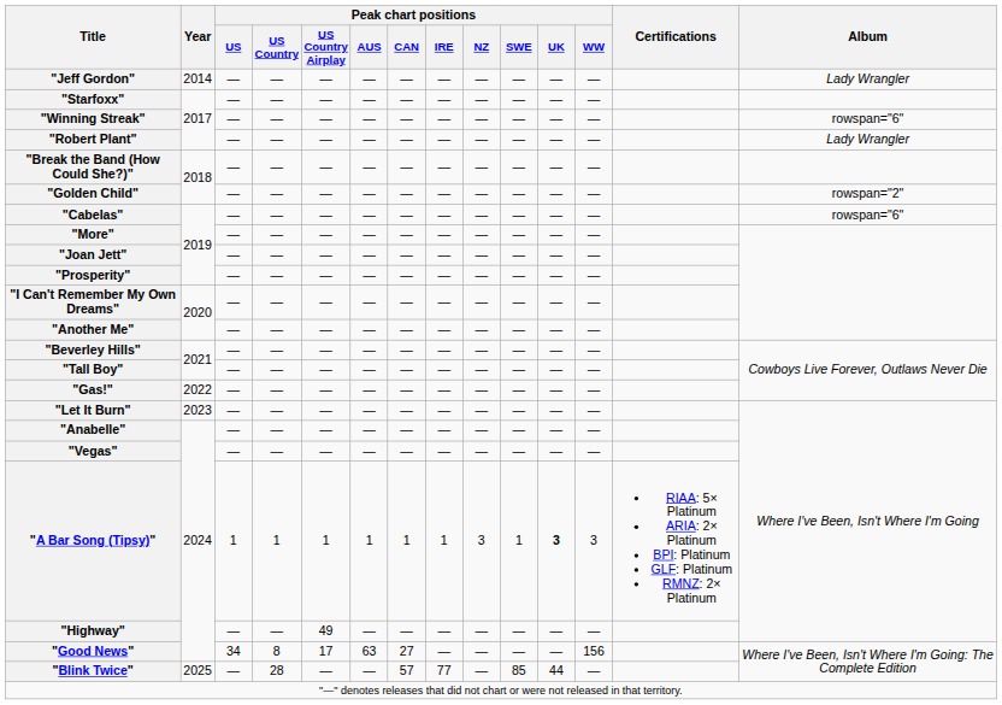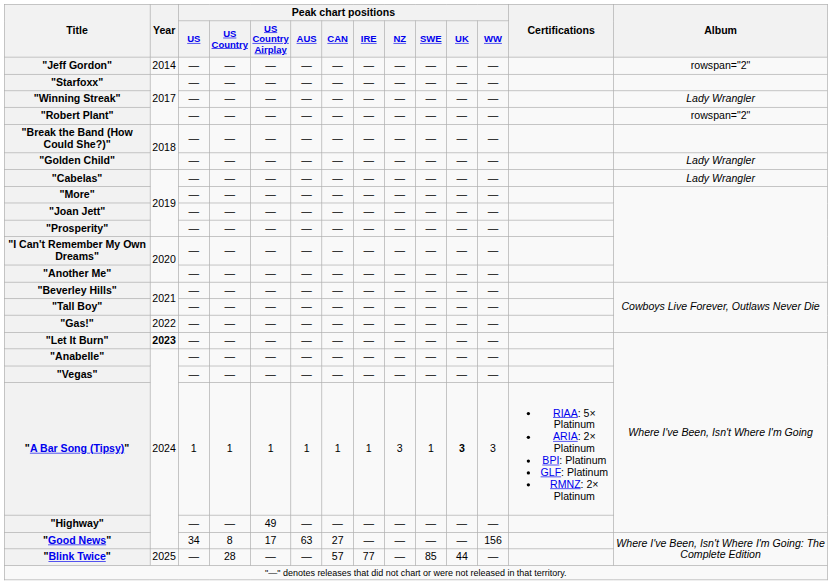 <table class="wikitable plainrowheaders" style="text-align:center;">
 <tr>
 <th scope="col" rowspan="2">Title</th>
 <th scope="col" rowspan="2">Year</th>
 <th scope="col" colspan="10">Peak chart positions</th>
 <th scope="col" rowspan="2">Certifications</th>
 <th scope="col" rowspan="2">Album</th>
 </tr>
 <tr>
 <th scope="col" style="width:2.8em;font-size:90%;"><a href='#'>US</a><br></th>
 <th scope="col" style="width:2.8em;font-size:90%;"><a href='#'>US Country</a><br></th>
 <th scope="col" style="width:2.8em;font-size:90%;"><a href='#'>US Country Airplay</a><br></th>
 <th scope="col" style="width:2.8em;font-size:90%;"><a href='#'>AUS</a><br></th>
 <th scope="col" style="width:2.8em;font-size:90%;"><a href='#'>CAN</a><br></th>
 <th scope="col" style="width:2.8em;font-size:90%;"><a href='#'>IRE</a><br></th>
 <th scope="col" style="width:2.8em;font-size:90%;"><a href='#'>NZ</a><br></th>
 <th scope="col" style="width:2.8em;font-size:90%;"><a href='#'>SWE</a><br></th>
 <th scope="col" style="width:2.8em;font-size:90%;"><a href='#'>UK</a><br></th>
 <th scope="col" style="width:2.8em;font-size:90%;"><a href='#'>WW</a><br></th>
 </tr>
 <tr>
 <th scope="row">"Jeff Gordon"</th>
 <td>2014</td>
 <td>—</td>
 <td>—</td>
 <td>—</td>
 <td>—</td>
 <td>—</td>
 <td>—</td>
 <td>—</td>
 <td>—</td>
 <td>—</td>
 <td>—</td>
 <td></td>
-<td><em>Lady Wrangler</em></td>
+<td>rowspan="2" </td>
 </tr>
 <tr>
 <th scope="row">"Starfoxx"</th>
 <td rowspan="3">2017</td>
 <td>—</td>
 <td>—</td>
 <td>—</td>
 <td>—</td>
 <td>—</td>
 <td>—</td>
 <td>—</td>
 <td>—</td>
 <td>—</td>
 <td>—</td>
 <td></td>
 </tr>
 <tr>
 <th scope="row">"Winning Streak"</th>
 <td>—</td>
 <td>—</td>
 <td>—</td>
 <td>—</td>
 <td>—</td>
 <td>—</td>
 <td>—</td>
 <td>—</td>
 <td>—</td>
 <td>—</td>
 <td></td>
-<td>rowspan="6" </td>
+<td><em>Lady Wrangler</em></td>
 </tr>
 <tr>
 <th scope="row">"Robert Plant"</th>
 <td>—</td>
 <td>—</td>
 <td>—</td>
 <td>—</td>
 <td>—</td>
 <td>—</td>
 <td>—</td>
 <td>—</td>
 <td>—</td>
 <td>—</td>
 <td></td>
-<td><em>Lady Wrangler</em></td>
+<td>rowspan="2" </td>
 </tr>
 <tr>
 <th scope="row">"Break the Band (How Could She?)"</th>
 <td rowspan="2">2018</td>
 <td>—</td>
 <td>—</td>
 <td>—</td>
 <td>—</td>
 <td>—</td>
 <td>—</td>
 <td>—</td>
 <td>—</td>
 <td>—</td>
 <td>—</td>
 <td></td>
 </tr>
 <tr>
 <th scope="row">"Golden Child"</th>
 <td>—</td>
 <td>—</td>
 <td>—</td>
 <td>—</td>
 <td>—</td>
 <td>—</td>
 <td>—</td>
 <td>—</td>
 <td>—</td>
 <td>—</td>
 <td></td>
-<td>rowspan="2" </td>
+<td><em>Lady Wrangler</em></td>
 </tr>
 <tr>
 <th scope="row">"Cabelas"</th>
 <td rowspan="4">2019</td>
 <td>—</td>
 <td>—</td>
 <td>—</td>
 <td>—</td>
 <td>—</td>
 <td>—</td>
 <td>—</td>
 <td>—</td>
 <td>—</td>
 <td>—</td>
 <td></td>
-<td>rowspan="6" </td>
+<td><em>Lady Wrangler</em></td>
 </tr>
 <tr>
 <th scope="row">"More"</th>
 <td>—</td>
 <td>—</td>
 <td>—</td>
 <td>—</td>
 <td>—</td>
 <td>—</td>
 <td>—</td>
 <td>—</td>
 <td>—</td>
 <td>—</td>
 <td></td>
 </tr>
 <tr>
 <th scope="row">"Joan Jett"</th>
 <td>—</td>
 <td>—</td>
 <td>—</td>
 <td>—</td>
 <td>—</td>
 <td>—</td>
 <td>—</td>
 <td>—</td>
 <td>—</td>
 <td>—</td>
 <td></td>
 </tr>
 <tr>
 <th scope="row">"Prosperity"</th>
 <td>—</td>
 <td>—</td>
 <td>—</td>
 <td>—</td>
 <td>—</td>
 <td>—</td>
 <td>—</td>
 <td>—</td>
 <td>—</td>
 <td>—</td>
 <td></td>
 </tr>
 <tr>
 <th scope="row">"I Can't Remember My Own Dreams"</th>
 <td rowspan="2">2020</td>
 <td>—</td>
 <td>—</td>
 <td>—</td>
 <td>—</td>
 <td>—</td>
 <td>—</td>
 <td>—</td>
 <td>—</td>
 <td>—</td>
 <td>—</td>
 <td></td>
 </tr>
 <tr>
 <th scope="row">"Another Me"</th>
 <td>—</td>
 <td>—</td>
 <td>—</td>
 <td>—</td>
 <td>—</td>
 <td>—</td>
 <td>—</td>
 <td>—</td>
 <td>—</td>
 <td>—</td>
 <td></td>
 </tr>
 <tr>
 <th scope="row">"Beverley Hills"</th>
 <td rowspan="2">2021</td>
 <td>—</td>
 <td>—</td>
 <td>—</td>
 <td>—</td>
 <td>—</td>
 <td>—</td>
 <td>—</td>
 <td>—</td>
 <td>—</td>
 <td>—</td>
 <td></td>
 <td rowspan="3"><em>Cowboys Live Forever, Outlaws Never Die</em></td>
 </tr>
 <tr>
 <th scope="row">"Tall Boy"</th>
 <td>—</td>
 <td>—</td>
 <td>—</td>
 <td>—</td>
 <td>—</td>
 <td>—</td>
 <td>—</td>
 <td>—</td>
 <td>—</td>
 <td>—</td>
 <td></td>
 </tr>
 <tr>
 <th scope="row">"Gas!"</th>
 <td>2022</td>
 <td>—</td>
 <td>—</td>
 <td>—</td>
 <td>—</td>
 <td>—</td>
 <td>—</td>
 <td>—</td>
 <td>—</td>
 <td>—</td>
 <td>—</td>
 <td></td>
 </tr>
 <tr>
 <th scope="row">"Let It Burn"</th>
-<td>2023</td>
+<td><strong>2023</strong></td>
 <td>—</td>
 <td>—</td>
 <td>—</td>
 <td>—</td>
 <td>—</td>
 <td>—</td>
 <td>—</td>
 <td>—</td>
 <td>—</td>
 <td>—</td>
 <td></td>
 <td rowspan="5"><em>Where I've Been, Isn't Where I'm Going</em></td>
 </tr>
 <tr>
 <th scope="row">"Anabelle"</th>
 <td rowspan="5">2024</td>
 <td>—</td>
 <td>—</td>
 <td>—</td>
 <td>—</td>
 <td>—</td>
 <td>—</td>
 <td>—</td>
 <td>—</td>
 <td>—</td>
 <td>—</td>
 <td></td>
 </tr>
 <tr>
 <th scope="row">"Vegas"</th>
 <td>—</td>
 <td>—</td>
 <td>—</td>
 <td>—</td>
 <td>—</td>
 <td>—</td>
 <td>—</td>
 <td>—</td>
 <td>—</td>
 <td>—</td>
 <td></td>
 </tr>
 <tr>
 <th scope="row">"<a href='#'>A Bar Song (Tipsy)</a>"</th>
 <td>1</td>
 <td>1</td>
 <td>1</td>
 <td>1</td>
 <td>1</td>
 <td>1</td>
 <td>3</td>
 <td>1</td>
 <td><strong>3</strong></td>
 <td>3</td>
 <td><br><ul><li><a href='#'>RIAA</a>: 5× Platinum</li><li><a href='#'>ARIA</a>: 2× Platinum</li><li><a href='#'>BPI</a>: Platinum</li><li><a href='#'>GLF</a>: Platinum</li><li><a href='#'>RMNZ</a>: 2× Platinum</li></ul></td>
 </tr>
 <tr>
 <th scope="row">"Highway"</th>
 <td>—</td>
 <td>—</td>
 <td>49</td>
 <td>—</td>
 <td>—</td>
 <td>—</td>
 <td>—</td>
 <td>—</td>
 <td>—</td>
 <td>—</td>
 <td></td>
 </tr>
 <tr>
 <th scope="row">"<a href='#'>Good News</a>"</th>
 <td>34</td>
 <td>8</td>
 <td>17</td>
 <td>63</td>
 <td>27</td>
 <td>—</td>
 <td>—</td>
 <td>—</td>
 <td>—</td>
 <td>156</td>
 <td></td>
 <td rowspan="2"><em>Where I've Been, Isn't Where I'm Going: The Complete Edition</em></td>
 </tr>
 <tr>
 <th scope="row">"<a href='#'>Blink Twice</a>"<br></th>
 <td>2025</td>
 <td>—</td>
 <td>28</td>
 <td>—</td>
 <td>—</td>
 <td>57</td>
 <td>77<br></td>
 <td>—</td>
 <td>85<br></td>
 <td>44</td>
 <td>—</td>
 <td></td>
 </tr>
 <tr>
 <td colspan="14" style="font-size:85%">"—" denotes releases that did not chart or were not released in that territory.</td>
 </tr>
 </table>
